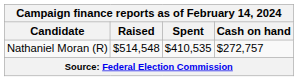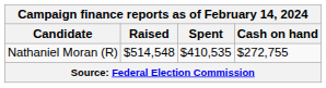 <table class="wikitable sortable">
 <tr>
 <th colspan=4>Campaign finance reports as of February 14, 2024</th>
 </tr>
 <tr style="text-align:center;">
 <th>Candidate</th>
 <th>Raised</th>
 <th>Spent</th>
 <th>Cash on hand</th>
 </tr>
 <tr>
 <td style="background-color:">Nathaniel Moran (R)</td>
 <td>$514,548</td>
 <td>$410,535</td>
-<td>$272,757</td>
+<td>$272,755</td>
 </tr>
 <tr>
 <th colspan="4"><small>Source: <a href='#'>Federal Election Commission</a></small></th>
 </tr>
 </table>
